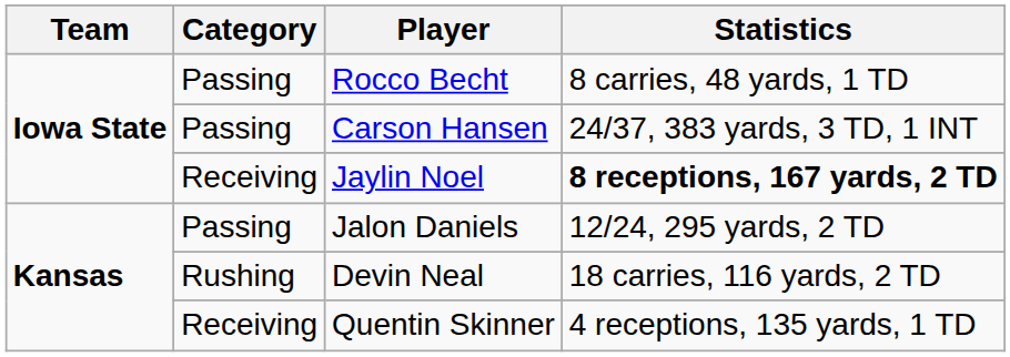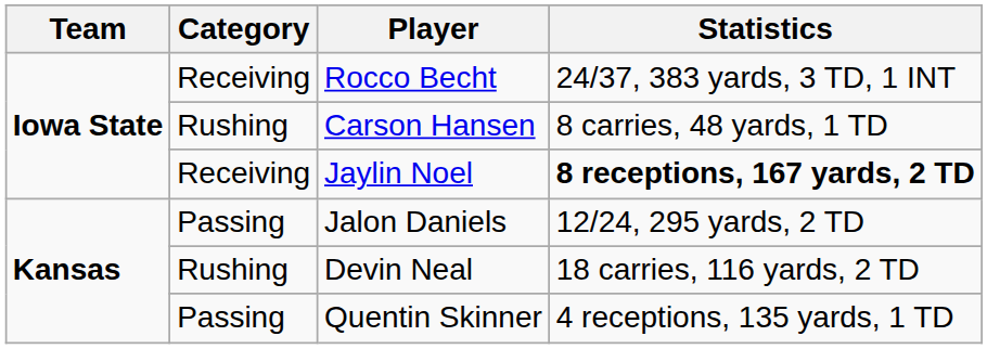 <table class="wikitable" style="float: right;">
 <tr>
 <th>Team</th>
 <th>Category</th>
 <th>Player</th>
 <th>Statistics</th>
 </tr>
 <tr>
 <td rowspan=3><strong>Iowa State</strong></td>
-<td>Passing</td>
+<td>Receiving</td>
 <td><a href='#'>Rocco Becht</a></td>
-<td>8 carries, 48 yards, 1 TD</td>
+<td>24/37, 383 yards, 3 TD, 1 INT</td>
 </tr>
 <tr>
-<td>Passing</td>
+<td>Rushing</td>
 <td><a href='#'>Carson Hansen</a></td>
-<td>24/37, 383 yards, 3 TD, 1 INT</td>
+<td>8 carries, 48 yards, 1 TD</td>
 </tr>
 <tr>
 <td>Receiving</td>
 <td><a href='#'>Jaylin Noel</a></td>
 <td><strong>8 receptions, 167 yards, 2 TD</strong></td>
 </tr>
 <tr>
 <td rowspan=3><strong>Kansas</strong></td>
 <td>Passing</td>
 <td>Jalon Daniels</td>
 <td>12/24, 295 yards, 2 TD</td>
 </tr>
 <tr>
 <td>Rushing</td>
 <td>Devin Neal</td>
 <td>18 carries, 116 yards, 2 TD</td>
 </tr>
 <tr>
-<td>Receiving</td>
+<td>Passing</td>
 <td>Quentin Skinner</td>
 <td>4 receptions, 135 yards, 1 TD</td>
 </tr>
 </table>
